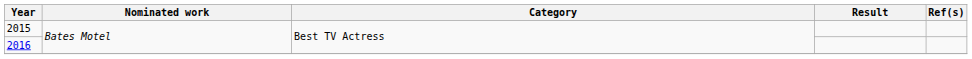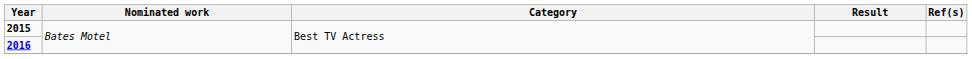 <table class="wikitable">
 <tr>
 <th width=4%>Year</th>
 <th width=27%>Nominated work</th>
 <th width=57%>Category</th>
 <th width=12%>Result</th>
 <th width=4%>Ref(s)</th>
 </tr>
 <tr>
-<td>2015</td>
+<td><strong>2015</strong></td>
 <td rowspan="2"><em>Bates Motel</em></td>
 <td rowspan="2">Best TV Actress</td>
 <td></td>
 <td></td>
 </tr>
 <tr>
-<td><a href='#'>2016</a></td>
+<td><strong><a href='#'>2016</a></strong></td>
 <td></td>
 <td></td>
 </tr>
 <tr>
 </tr>
 </table>
